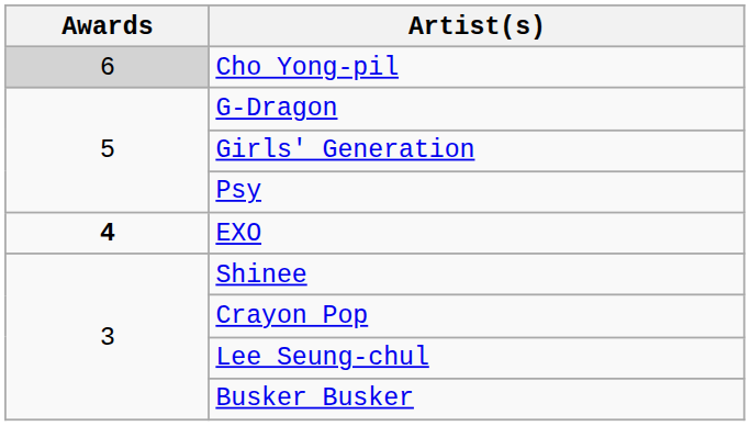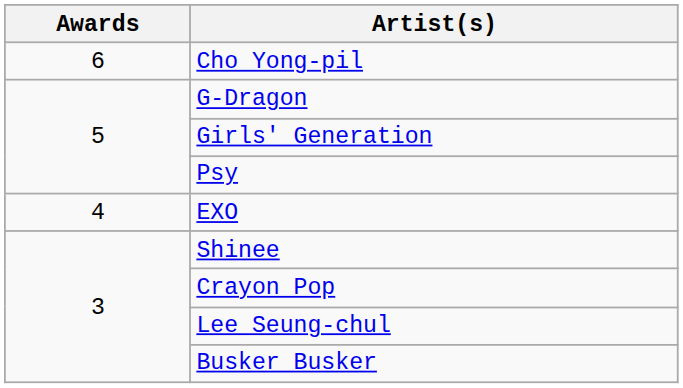 <table class="wikitable" style="width:30%; text-align:center">
 <tr>
 <th scope="col">Awards</th>
 <th scope="col">Artist(s)</th>
 </tr>
 <tr>
-<td style="background: lightgrey;">6</td>
+<td>6</td>
 <td align=left><a href='#'>Cho Yong-pil</a></td>
 </tr>
 <tr>
 <td rowspan=3>5</td>
 <td align=left><a href='#'>G-Dragon</a></td>
 </tr>
 <tr>
 <td align=left><a href='#'>Girls' Generation</a></td>
 </tr>
 <tr>
 <td align=left><a href='#'>Psy</a></td>
 </tr>
 <tr>
-<td><strong>4</strong></td>
+<td>4</td>
 <td align=left><a href='#'>EXO</a></td>
 </tr>
 <tr>
 <td rowspan=4>3</td>
 <td align=left><a href='#'>Shinee</a></td>
 </tr>
 <tr>
 <td align=left><a href='#'>Crayon Pop</a></td>
 </tr>
 <tr>
 <td align=left><a href='#'>Lee Seung-chul</a></td>
 </tr>
 <tr>
 <td align=left><a href='#'>Busker Busker</a></td>
 </tr>
 </table>
